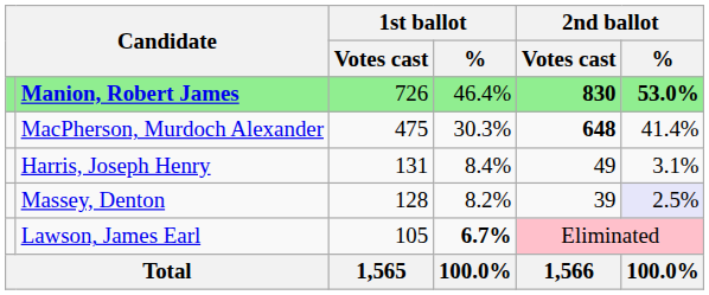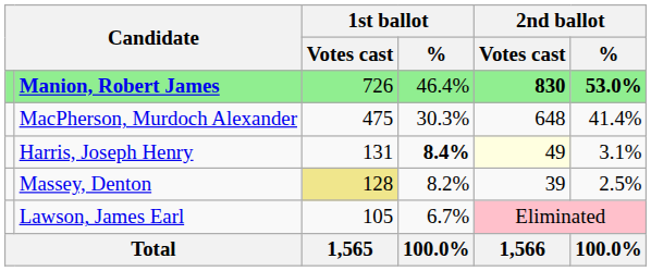 <table class="wikitable">
 <tr>
 <th rowspan="2" colspan="2">Candidate</th>
 <th colspan="2">1st ballot</th>
 <th colspan="2">2nd ballot</th>
 </tr>
 <tr>
 <th>Votes cast</th>
 <th>%</th>
 <th>Votes cast</th>
 <th>%</th>
 </tr>
 <tr style="background:lightgreen;">
 <td></td>
 <td><strong><a href='#'>Manion, Robert James</a></strong></td>
 <td align="right">726</td>
 <td align="right">46.4%</td>
 <td align="right"><strong>830</strong></td>
 <td align="right"><strong>53.0%</strong></td>
 </tr>
 <tr>
 <td></td>
 <td><a href='#'>MacPherson, Murdoch Alexander</a></td>
 <td align="right">475</td>
 <td align="right">30.3%</td>
-<td align="right"><strong>648</strong></td>
+<td align="right">648</td>
 <td align="right">41.4%</td>
 </tr>
 <tr>
 <td></td>
 <td><a href='#'>Harris, Joseph Henry</a></td>
 <td align="right">131</td>
-<td align="right">8.4%</td>
-<td align="right">49</td>
+<td align="right"><strong>8.4%</strong></td>
+<td align="right" style="background: lightyellow;">49</td>
 <td align="right">3.1%</td>
 </tr>
 <tr>
 <td></td>
 <td><a href='#'>Massey, Denton</a></td>
-<td align="right">128</td>
+<td align="right" style="background: khaki;">128</td>
 <td align="right">8.2%</td>
 <td align="right">39</td>
-<td align="right" style="background: lavender;">2.5%</td>
+<td align="right">2.5%</td>
 </tr>
 <tr>
 <td></td>
 <td><a href='#'>Lawson, James Earl</a></td>
 <td align="right">105</td>
-<td align="right"><strong>6.7%</strong></td>
+<td align="right">6.7%</td>
 <td style="text-align:center; background:pink;" colspan="2">Eliminated</td>
 </tr>
 <tr>
 <th colspan="2">Total</th>
 <th align="right">1,565</th>
 <th align="right">100.0%</th>
 <th align="right">1,566</th>
 <th align="right">100.0%</th>
 </tr>
 </table>
